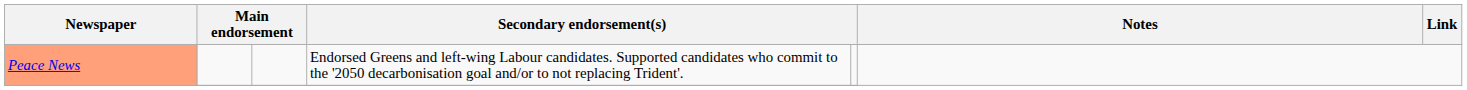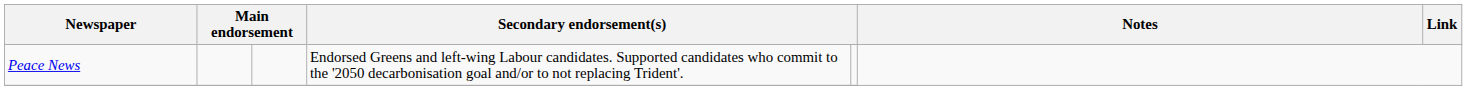 <table class="wikitable">
 <tr>
 <th style="width:200px;">Newspaper</th>
 <th colspan=2>Main endorsement</th>
 <th colspan=2>Secondary endorsement(s)</th>
 <th style="width:600px;">Notes</th>
 <th style="width:35px;">Link</th>
 </tr>
 <tr>
-<td style="background: lightsalmon;"><em><a href='#'>Peace News</a></em></td>
+<td><em><a href='#'>Peace News</a></em></td>
 <td></td>
 <td></td>
 <td>Endorsed Greens and left-wing Labour candidates. Supported candidates who commit to the '2050 decarbonisation goal and/or to not replacing Trident'.</td>
 <td></td>
 </tr>
 <tr>
 </tr>
 </table>
